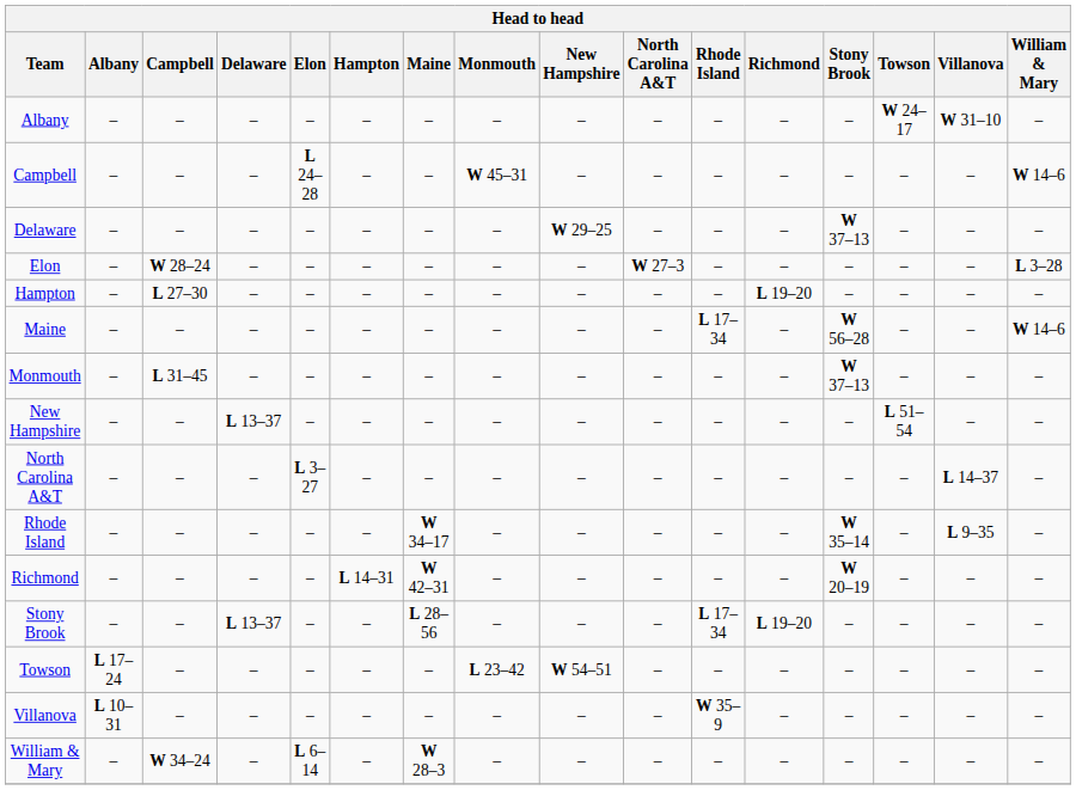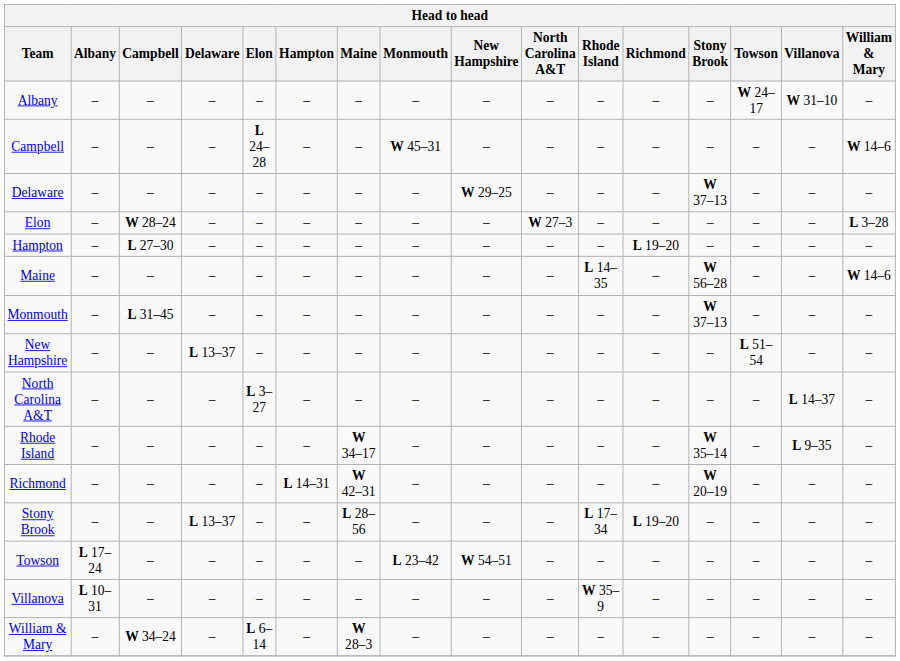 <table class="wikitable" style="font-size:95%; text-align:center;">
 <tr>
 <th colspan="17">Head to head</th>
 </tr>
 <tr>
 <th style="width:100px;">Team</th>
 <th>Albany</th>
 <th>Campbell</th>
 <th>Delaware</th>
 <th>Elon</th>
 <th>Hampton</th>
 <th>Maine</th>
 <th>Monmouth</th>
 <th>New Hampshire</th>
 <th>North Carolina A&T</th>
 <th>Rhode Island</th>
 <th>Richmond</th>
 <th>Stony Brook</th>
 <th>Towson</th>
 <th>Villanova</th>
 <th>William & Mary</th>
 </tr>
 <tr>
 <td><a href='#'>Albany</a></td>
 <td>–</td>
 <td>–</td>
 <td>–</td>
 <td>–</td>
 <td>–</td>
 <td>–</td>
 <td>–</td>
 <td>–</td>
 <td>–</td>
 <td>–</td>
 <td>–</td>
 <td>–</td>
 <td><strong>W</strong> 24–17</td>
 <td><strong>W</strong> 31–10</td>
 <td>–</td>
 </tr>
 <tr>
 <td><a href='#'>Campbell</a></td>
 <td>–</td>
 <td>–</td>
 <td>–</td>
 <td><strong>L</strong> 24–28</td>
 <td>–</td>
 <td>–</td>
 <td><strong>W</strong> 45–31</td>
 <td>–</td>
 <td>–</td>
 <td>–</td>
 <td>–</td>
 <td>–</td>
 <td>–</td>
 <td>–</td>
 <td><strong>W</strong> 14–6</td>
 </tr>
 <tr>
 <td><a href='#'>Delaware</a></td>
 <td>–</td>
 <td>–</td>
 <td>–</td>
 <td>–</td>
 <td>–</td>
 <td>–</td>
 <td>–</td>
 <td><strong>W</strong> 29–25</td>
 <td>–</td>
 <td>–</td>
 <td>–</td>
 <td><strong>W</strong> 37–13</td>
 <td>–</td>
 <td>–</td>
 <td>–</td>
 </tr>
 <tr>
 <td><a href='#'>Elon</a></td>
 <td>–</td>
 <td><strong>W</strong> 28–24</td>
 <td>–</td>
 <td>–</td>
 <td>–</td>
 <td>–</td>
 <td>–</td>
 <td>–</td>
 <td><strong>W</strong> 27–3</td>
 <td>–</td>
 <td>–</td>
 <td>–</td>
 <td>–</td>
 <td>–</td>
 <td><strong>L</strong> 3–28</td>
 </tr>
 <tr>
 <td><a href='#'>Hampton</a></td>
 <td>–</td>
 <td><strong>L</strong> 27–30</td>
 <td>–</td>
 <td>–</td>
 <td>–</td>
 <td>–</td>
 <td>–</td>
 <td>–</td>
 <td>–</td>
 <td>–</td>
 <td><strong>L</strong> 19–20</td>
 <td>–</td>
 <td>–</td>
 <td>–</td>
 <td>–</td>
 </tr>
 <tr>
 <td><a href='#'>Maine</a></td>
 <td>–</td>
 <td>–</td>
 <td>–</td>
 <td>–</td>
 <td>–</td>
 <td>–</td>
 <td>–</td>
 <td>–</td>
 <td>–</td>
-<td><strong>L</strong> 17–34</td>
+<td><strong>L</strong> 14–35</td>
 <td>–</td>
 <td><strong>W</strong> 56–28</td>
 <td>–</td>
 <td>–</td>
 <td><strong>W</strong> 14–6</td>
 </tr>
 <tr>
 <td><a href='#'>Monmouth</a></td>
 <td>–</td>
 <td><strong>L</strong> 31–45</td>
 <td>–</td>
 <td>–</td>
 <td>–</td>
 <td>–</td>
 <td>–</td>
 <td>–</td>
 <td>–</td>
 <td>–</td>
 <td>–</td>
 <td><strong>W</strong> 37–13</td>
 <td>–</td>
 <td>–</td>
 <td>–</td>
 </tr>
 <tr>
 <td><a href='#'>New Hampshire</a></td>
 <td>–</td>
 <td>–</td>
 <td><strong>L</strong> 13–37</td>
 <td>–</td>
 <td>–</td>
 <td>–</td>
 <td>–</td>
 <td>–</td>
 <td>–</td>
 <td>–</td>
 <td>–</td>
 <td>–</td>
 <td><strong>L</strong> 51–54</td>
 <td>–</td>
 <td>–</td>
 </tr>
 <tr>
 <td><a href='#'>North Carolina A&T</a></td>
 <td>–</td>
 <td>–</td>
 <td>–</td>
 <td><strong>L</strong> 3–27</td>
 <td>–</td>
 <td>–</td>
 <td>–</td>
 <td>–</td>
 <td>–</td>
 <td>–</td>
 <td>–</td>
 <td>–</td>
 <td>–</td>
 <td><strong>L</strong> 14–37</td>
 <td>–</td>
 </tr>
 <tr>
 <td><a href='#'>Rhode Island</a></td>
 <td>–</td>
 <td>–</td>
 <td>–</td>
 <td>–</td>
 <td>–</td>
 <td><strong>W</strong> 34–17</td>
 <td>–</td>
 <td>–</td>
 <td>–</td>
 <td>–</td>
 <td>–</td>
 <td><strong>W</strong> 35–14</td>
 <td>–</td>
 <td><strong>L</strong> 9–35</td>
 <td>–</td>
 </tr>
 <tr>
 <td><a href='#'>Richmond</a></td>
 <td>–</td>
 <td>–</td>
 <td>–</td>
 <td>–</td>
 <td><strong>L</strong> 14–31</td>
 <td><strong>W</strong> 42–31</td>
 <td>–</td>
 <td>–</td>
 <td>–</td>
 <td>–</td>
 <td>–</td>
 <td><strong>W</strong> 20–19</td>
 <td>–</td>
 <td>–</td>
 <td>–</td>
 </tr>
 <tr>
 <td><a href='#'>Stony Brook</a></td>
 <td>–</td>
 <td>–</td>
 <td><strong>L</strong> 13–37</td>
 <td>–</td>
 <td>–</td>
 <td><strong>L</strong> 28–56</td>
 <td>–</td>
 <td>–</td>
 <td>–</td>
 <td><strong>L</strong> 17–34</td>
 <td><strong>L</strong> 19–20</td>
 <td>–</td>
 <td>–</td>
 <td>–</td>
 <td>–</td>
 </tr>
 <tr>
 <td><a href='#'>Towson</a></td>
 <td><strong>L</strong> 17–24</td>
 <td>–</td>
 <td>–</td>
 <td>–</td>
 <td>–</td>
 <td>–</td>
 <td><strong>L</strong> 23–42</td>
 <td><strong>W</strong> 54–51</td>
 <td>–</td>
 <td>–</td>
 <td>–</td>
 <td>–</td>
 <td>–</td>
 <td>–</td>
 <td>–</td>
 </tr>
 <tr>
 <td><a href='#'>Villanova</a></td>
 <td><strong>L</strong> 10–31</td>
 <td>–</td>
 <td>–</td>
 <td>–</td>
 <td>–</td>
 <td>–</td>
 <td>–</td>
 <td>–</td>
 <td>–</td>
 <td><strong>W</strong> 35–9</td>
 <td>–</td>
 <td>–</td>
 <td>–</td>
 <td>–</td>
 <td>–</td>
 </tr>
 <tr>
 <td><a href='#'>William & Mary</a></td>
 <td>–</td>
 <td><strong>W</strong> 34–24</td>
 <td>–</td>
 <td><strong>L</strong> 6–14</td>
 <td>–</td>
 <td><strong>W</strong> 28–3</td>
 <td>–</td>
 <td>–</td>
 <td>–</td>
 <td>–</td>
 <td>–</td>
 <td>–</td>
 <td>–</td>
 <td>–</td>
 <td>–</td>
 </tr>
 <tr>
 </tr>
 </table>
